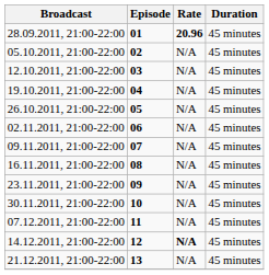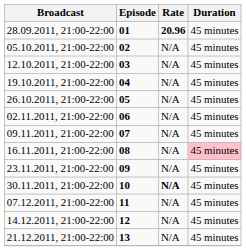 <table class="wikitable">
 <tr>
 <th>Broadcast</th>
 <th>Episode</th>
 <th>Rate</th>
 <th>Duration</th>
 </tr>
 <tr>
 <td>28.09.2011, 21:00-22:00</td>
 <td><strong>01</strong></td>
 <td><strong>20.96</strong></td>
 <td>45 minutes</td>
 </tr>
 <tr>
 <td>05.10.2011, 21:00-22:00</td>
 <td><strong>02</strong></td>
 <td>N/A</td>
 <td>45 minutes</td>
 </tr>
 <tr>
 <td>12.10.2011, 21:00-22:00</td>
 <td><strong>03</strong></td>
 <td>N/A</td>
 <td>45 minutes</td>
 </tr>
 <tr>
 <td>19.10.2011, 21:00-22:00</td>
 <td><strong>04</strong></td>
 <td>N/A</td>
 <td>45 minutes</td>
 </tr>
 <tr>
 <td>26.10.2011, 21:00-22:00</td>
 <td><strong>05</strong></td>
 <td>N/A</td>
 <td>45 minutes</td>
 </tr>
 <tr>
 <td>02.11.2011, 21:00-22:00</td>
 <td><strong>06</strong></td>
 <td>N/A</td>
 <td>45 minutes</td>
 </tr>
 <tr>
 <td>09.11.2011, 21:00-22:00</td>
 <td><strong>07</strong></td>
 <td>N/A</td>
 <td>45 minutes</td>
 </tr>
 <tr>
 <td>16.11.2011, 21:00-22:00</td>
 <td><strong>08</strong></td>
 <td>N/A</td>
-<td>45 minutes</td>
+<td style="background: pink;">45 minutes</td>
 </tr>
 <tr>
 <td>23.11.2011, 21:00-22:00</td>
 <td><strong>09</strong></td>
 <td>N/A</td>
 <td>45 minutes</td>
 </tr>
 <tr>
 <td>30.11.2011, 21:00-22:00</td>
 <td><strong>10</strong></td>
-<td>N/A</td>
+<td><strong>N/A</strong></td>
 <td>45 minutes</td>
 </tr>
 <tr>
 <td>07.12.2011, 21:00-22:00</td>
 <td><strong>11</strong></td>
 <td>N/A</td>
 <td>45 minutes</td>
 </tr>
 <tr>
 <td>14.12.2011, 21:00-22:00</td>
 <td><strong>12</strong></td>
-<td><strong>N/A</strong></td>
+<td>N/A</td>
 <td>45 minutes</td>
 </tr>
 <tr>
 <td>21.12.2011, 21:00-22:00</td>
 <td><strong>13</strong></td>
 <td>N/A</td>
 <td>45 minutes</td>
 </tr>
 <tr>
 </tr>
 </table>
